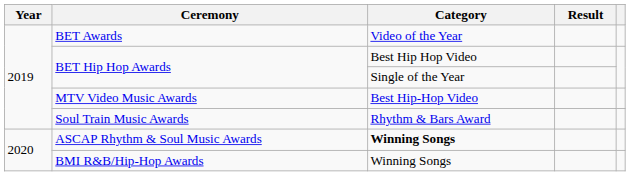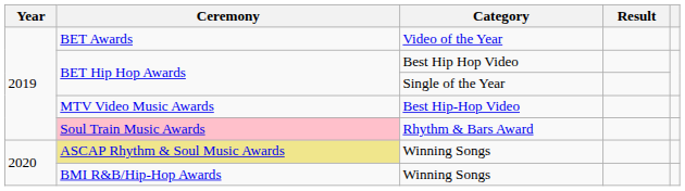 <table class="wikitable sortable plainrowheaders" style="width: 60%;">
 <tr>
 <th scope="col">Year</th>
 <th scope="col">Ceremony</th>
 <th scope="col">Category</th>
 <th scope="col">Result</th>
 <th scope="col" class="unsortable"></th>
 </tr>
 <tr>
 <td rowspan="5">2019</td>
 <td><a href='#'>BET Awards</a></td>
 <td><a href='#'>Video of the Year</a></td>
 <td></td>
 <td style="text-align:center;"></td>
 </tr>
 <tr>
 <td rowspan="2"><a href='#'>BET Hip Hop Awards</a></td>
 <td>Best Hip Hop Video</td>
 <td></td>
 <td style="text-align:center;" rowspan="2"></td>
 </tr>
 <tr>
 <td>Single of the Year</td>
 <td></td>
 </tr>
 <tr>
 <td><a href='#'>MTV Video Music Awards</a></td>
 <td><a href='#'>Best Hip-Hop Video</a></td>
 <td></td>
 <td style="text-align:center;"></td>
 </tr>
 <tr>
-<td><a href='#'>Soul Train Music Awards</a></td>
+<td style="background: pink;"><a href='#'>Soul Train Music Awards</a></td>
 <td><a href='#'>Rhythm & Bars Award</a></td>
 <td></td>
 <td style="text-align:center;"></td>
 </tr>
 <tr>
 <td rowspan=2>2020</td>
-<td><a href='#'>ASCAP Rhythm & Soul Music Awards</a></td>
-<td><strong>Winning Songs</strong></td>
+<td style="background: khaki;"><a href='#'>ASCAP Rhythm & Soul Music Awards</a></td>
+<td>Winning Songs</td>
 <td></td>
 <td style="text-align:center;"></td>
 </tr>
 <tr>
 <td><a href='#'>BMI R&B/Hip-Hop Awards</a></td>
 <td>Winning Songs</td>
 <td></td>
 <td style="text-align:center;"></td>
 </tr>
 </table>
